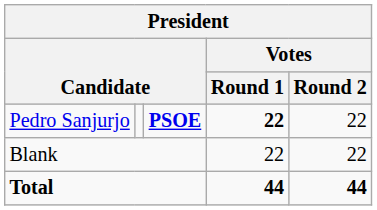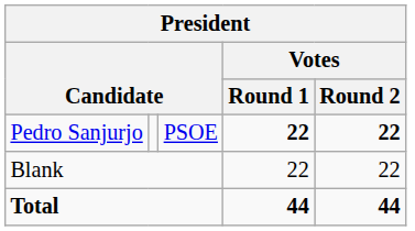 <table class="wikitable" style="font-size:90%; text-align:right;">
 <tr>
 <th colspan="5">President</th>
 </tr>
 <tr>
 <th colspan="3" rowspan="2" valign="bottom">Candidate</th>
 <th colspan="2">Votes</th>
 </tr>
 <tr>
 <th>Round 1</th>
 <th>Round 2</th>
 </tr>
 <tr>
 <td align=left><a href='#'>Pedro Sanjurjo</a></td>
 <td style="background:"></td>
-<td align=left><strong><a href='#'>PSOE</a></strong></td>
+<td align=left><a href='#'>PSOE</a></td>
 <td><strong>22</strong></td>
-<td>22</td>
+<td><strong>22</strong></td>
 </tr>
 <tr>
 <td align=left colspan="3">Blank</td>
 <td>22</td>
 <td>22</td>
 </tr>
 <tr style="font-weight:bold">
 <td align=left colspan="3">Total</td>
 <td>44</td>
 <td>44</td>
 </tr>
 </table>
